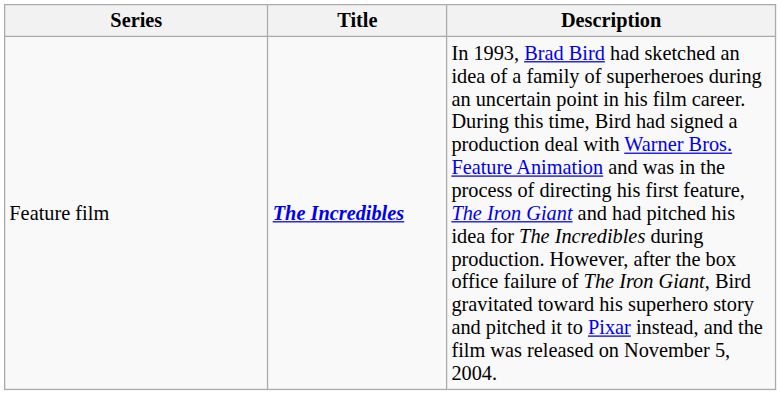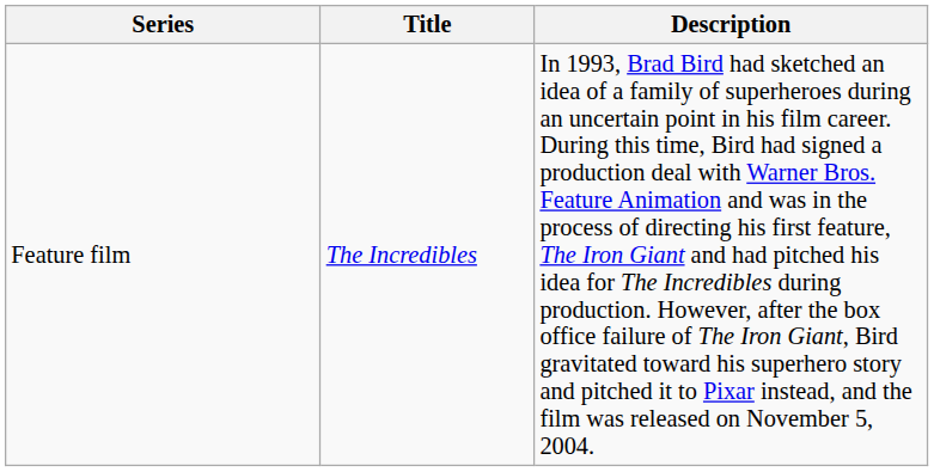 <table class="wikitable">
 <tr>
 <th style="width:150pt;">Series</th>
 <th style="width:100pt;">Title</th>
 <th>Description</th>
 </tr>
 <tr>
 <td>Feature film</td>
-<td><strong><em><a href='#'>The Incredibles</a></em></strong></td>
+<td><em><a href='#'>The Incredibles</a></em></td>
 <td>In 1993, <a href='#'>Brad Bird</a> had sketched an idea of a family of superheroes during an uncertain point in his film career. During this time, Bird had signed a production deal with <a href='#'>Warner Bros. Feature Animation</a> and was in the process of directing his first feature, <em><a href='#'>The Iron Giant</a></em> and had pitched his idea for <em>The Incredibles</em> during production. However, after the box office failure of <em>The Iron Giant</em>, Bird gravitated toward his superhero story and pitched it to <a href='#'>Pixar</a> instead, and the film was released on November 5, 2004.</td>
 </tr>
 </table>
